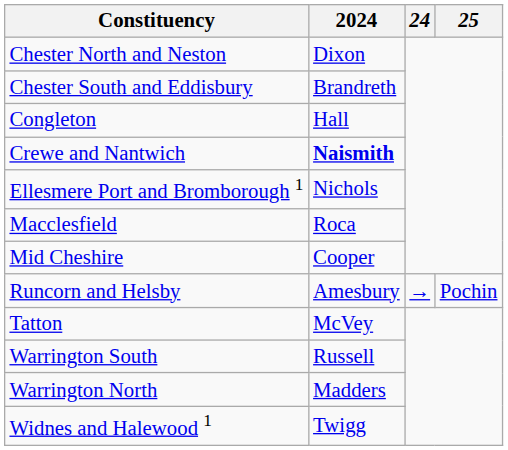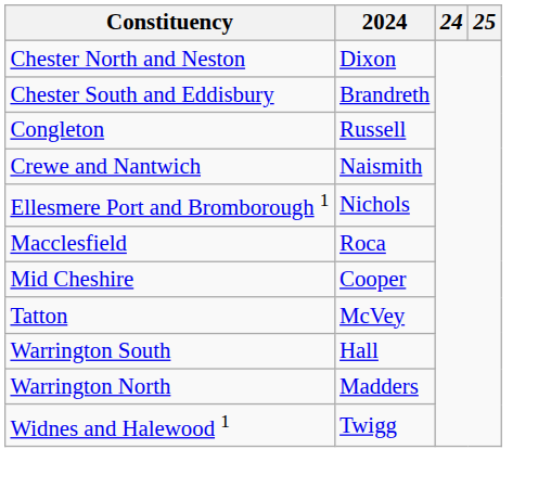 <table class="wikitable">
 <tr>
 <th>Constituency</th>
 <th>2024</th>
 <th><em>24</em></th>
 <th><em>25</em></th>
 </tr>
 <tr>
 <td><a href='#'>Chester North and Neston</a></td>
 <td><a href='#'>Dixon</a></td>
 </tr>
 <tr>
 <td><a href='#'>Chester South and Eddisbury</a></td>
 <td><a href='#'>Brandreth</a></td>
 </tr>
 <tr>
 <td><a href='#'>Congleton</a></td>
-<td><a href='#'>Hall</a></td>
+<td><a href='#'>Russell</a></td>
 </tr>
 <tr>
 <td><a href='#'>Crewe and Nantwich</a></td>
-<td><strong><a href='#'>Naismith</a></strong></td>
+<td><a href='#'>Naismith</a></td>
 </tr>
 <tr>
 <td><a href='#'>Ellesmere Port and Bromborough</a> <sup>1</sup></td>
 <td><a href='#'>Nichols</a></td>
 </tr>
 <tr>
 <td><a href='#'>Macclesfield</a></td>
 <td><a href='#'>Roca</a></td>
 </tr>
 <tr>
 <td><a href='#'>Mid Cheshire</a></td>
 <td><a href='#'>Cooper</a></td>
 </tr>
 <tr>
-<td><a href='#'>Runcorn and Helsby</a></td>
-<td><a href='#'>Amesbury</a></td>
-<td><a href='#'>→</a></td>
-<td><a href='#'>Pochin</a></td>
-</tr>
-<tr>
 <td><a href='#'>Tatton</a></td>
 <td><a href='#'>McVey</a></td>
 </tr>
 <tr>
 <td><a href='#'>Warrington South</a></td>
-<td><a href='#'>Russell</a></td>
+<td><a href='#'>Hall</a></td>
 </tr>
 <tr>
 <td><a href='#'>Warrington North</a></td>
 <td><a href='#'>Madders</a></td>
 </tr>
 <tr>
 <td><a href='#'>Widnes and Halewood</a> <sup>1</sup></td>
 <td><a href='#'>Twigg</a></td>
 </tr>
 </table>
